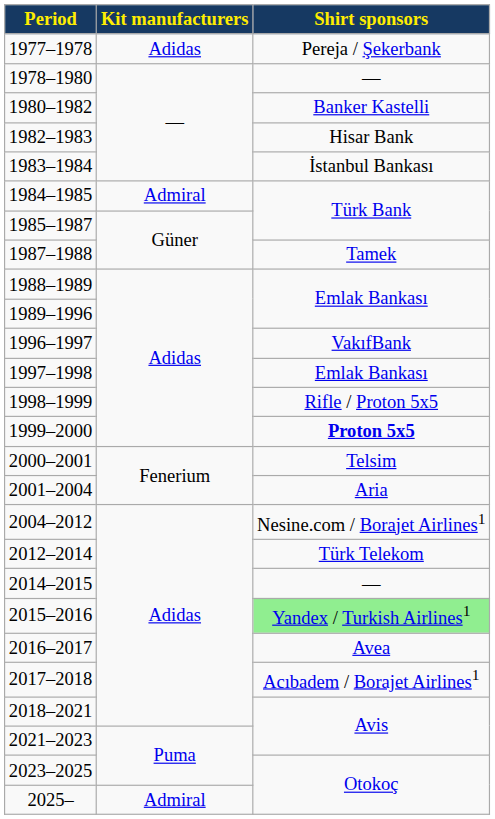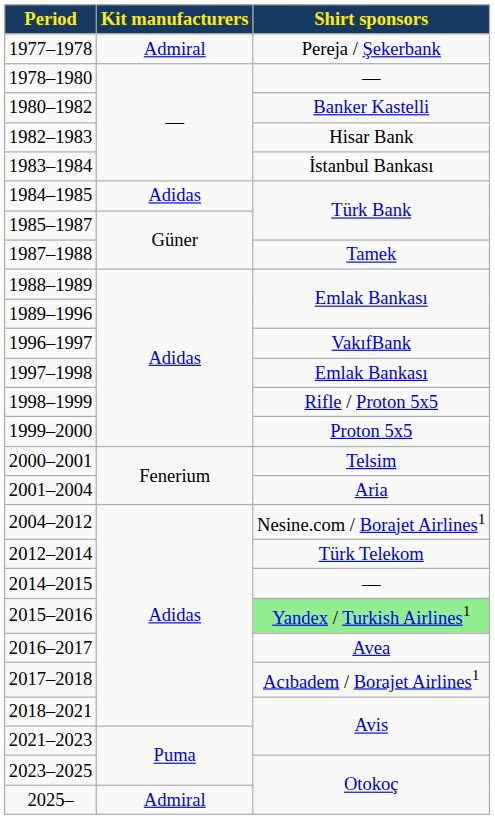 <table class="wikitable" style="text-align: center">
 <tr>
 <th style="color:#FFED00; background:#163962; ">Period</th>
 <th style="color:#FFED00; background:#163962; ">Kit manufacturers</th>
 <th style="color:#FFED00; background:#163962; ">Shirt sponsors</th>
 </tr>
 <tr>
 <td>1977–1978</td>
-<td><a href='#'>Adidas</a></td>
+<td><a href='#'>Admiral</a></td>
 <td>Pereja / <a href='#'>Şekerbank</a></td>
 </tr>
 <tr>
 <td>1978–1980</td>
 <td rowspan=4>—</td>
 <td rowspan=1>—</td>
 </tr>
 <tr>
 <td>1980–1982</td>
 <td><a href='#'>Banker Kastelli</a></td>
 </tr>
 <tr>
 <td>1982–1983</td>
 <td>Hisar Bank</td>
 </tr>
 <tr>
 <td>1983–1984</td>
 <td>İstanbul Bankası</td>
 </tr>
 <tr>
 <td>1984–1985</td>
-<td><a href='#'>Admiral</a></td>
+<td><a href='#'>Adidas</a></td>
 <td rowspan=2><a href='#'>Türk Bank</a></td>
 </tr>
 <tr>
 <td>1985–1987</td>
 <td rowspan=2>Güner</td>
 </tr>
 <tr>
 <td>1987–1988</td>
 <td><a href='#'>Tamek</a></td>
 </tr>
 <tr>
 <td>1988–1989</td>
 <td rowspan=6><a href='#'>Adidas</a></td>
 <td rowspan=2><a href='#'>Emlak Bankası</a></td>
 </tr>
 <tr>
 <td>1989–1996</td>
 </tr>
 <tr>
 <td>1996–1997</td>
 <td><a href='#'>VakıfBank</a></td>
 </tr>
 <tr>
 <td>1997–1998</td>
 <td><a href='#'>Emlak Bankası</a></td>
 </tr>
 <tr>
 <td>1998–1999</td>
 <td><a href='#'>Rifle</a> / <a href='#'>Proton 5x5</a></td>
 </tr>
 <tr>
 <td>1999–2000</td>
-<td><strong><a href='#'>Proton 5x5</a></strong></td>
+<td><a href='#'>Proton 5x5</a></td>
 </tr>
 <tr>
 <td>2000–2001</td>
 <td rowspan=2>Fenerium</td>
 <td><a href='#'>Telsim</a></td>
 </tr>
 <tr>
 <td>2001–2004</td>
 <td><a href='#'>Aria</a></td>
 </tr>
 <tr>
 <td>2004–2012</td>
 <td rowspan=7><a href='#'>Adidas</a></td>
 <td>Nesine.com / <a href='#'>Borajet Airlines</a><sup>1</sup></td>
 </tr>
 <tr>
 <td>2012–2014</td>
 <td><a href='#'>Türk Telekom</a></td>
 </tr>
 <tr>
 <td>2014–2015</td>
 <td>—</td>
 </tr>
 <tr>
 <td>2015–2016</td>
 <td style="background: lightgreen;"><a href='#'>Yandex</a> / <a href='#'>Turkish Airlines</a><sup>1</sup></td>
 </tr>
 <tr>
 <td>2016–2017</td>
 <td rowspan=1><a href='#'>Avea</a></td>
 </tr>
 <tr>
 <td>2017–2018</td>
 <td><a href='#'>Acıbadem</a> / <a href='#'>Borajet Airlines</a><sup>1</sup></td>
 </tr>
 <tr>
 <td>2018–2021</td>
 <td rowspan=2><a href='#'>Avis</a></td>
 </tr>
 <tr>
 <td>2021–2023</td>
 <td rowspan=2><a href='#'>Puma</a></td>
 </tr>
 <tr>
 <td>2023–2025</td>
 <td rowspan=2><a href='#'>Otokoç</a></td>
 </tr>
 <tr>
 <td>2025–</td>
 <td><a href='#'>Admiral</a></td>
 </tr>
 </table>
